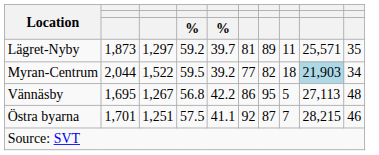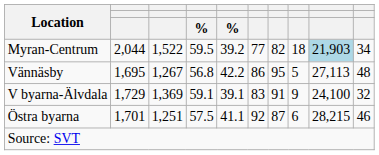 <table role="presentation" class="wikitable sortable mw-collapsible">
 <tr>
 <th rowspan="3">Location</th>
 <th></th>
 <th></th>
 <th></th>
 <th></th>
 <th></th>
 <th></th>
 <th></th>
 <th></th>
 <th></th>
 </tr>
 <tr>
 <th></th>
 <th></th>
 <th style="background:"></th>
 <th style="background:"></th>
 <th></th>
 <th></th>
 <th></th>
 <th></th>
 <th></th>
 </tr>
 <tr>
 <th data-sort-type="number"></th>
 <th data-sort-type="number"></th>
 <th data-sort-type="number">%</th>
 <th data-sort-type="number">%</th>
 <th data-sort-type="number"></th>
 <th data-sort-type="number"></th>
 <th data-sort-type="number"></th>
 <th data-sort-type="number"></th>
 <th data-sort-type="number"></th>
 </tr>
 <tr>
-<td align="left">Lägret-Nyby</td>
-<td>1,873</td>
-<td>1,297</td>
-<td>59.2</td>
-<td>39.7</td>
-<td>81</td>
-<td>89</td>
-<td>11</td>
-<td>25,571</td>
-<td>35</td>
-</tr>
-<tr>
 <td align="left">Myran-Centrum</td>
 <td>2,044</td>
 <td>1,522</td>
 <td>59.5</td>
 <td>39.2</td>
 <td>77</td>
 <td>82</td>
 <td>18</td>
 <td style="background: lightblue;">21,903</td>
 <td>34</td>
 </tr>
 <tr>
 <td align="left">Vännäsby</td>
 <td>1,695</td>
 <td>1,267</td>
 <td>56.8</td>
 <td>42.2</td>
 <td>86</td>
 <td>95</td>
 <td>5</td>
 <td>27,113</td>
 <td>48</td>
 </tr>
 <tr>
+<td align="left">V byarna-Älvdala</td>
+<td>1,729</td>
+<td>1,369</td>
+<td>59.1</td>
+<td>39.1</td>
+<td>83</td>
+<td>91</td>
+<td>9</td>
+<td>24,100</td>
+<td>32</td>
+</tr>
+<tr>
 <td align="left">Östra byarna</td>
 <td>1,701</td>
 <td>1,251</td>
 <td>57.5</td>
 <td>41.1</td>
 <td>92</td>
 <td>87</td>
-<td>7</td>
+<td>6</td>
 <td>28,215</td>
 <td>46</td>
 </tr>
 <tr>
 <td colspan="10" align="left">Source: <a href='#'>SVT</a></td>
 </tr>
 </table>
